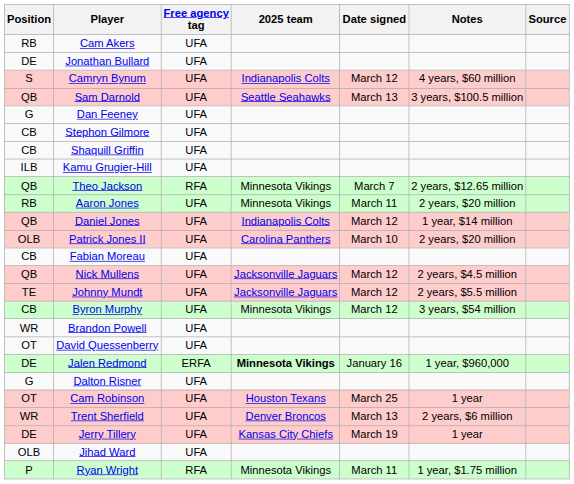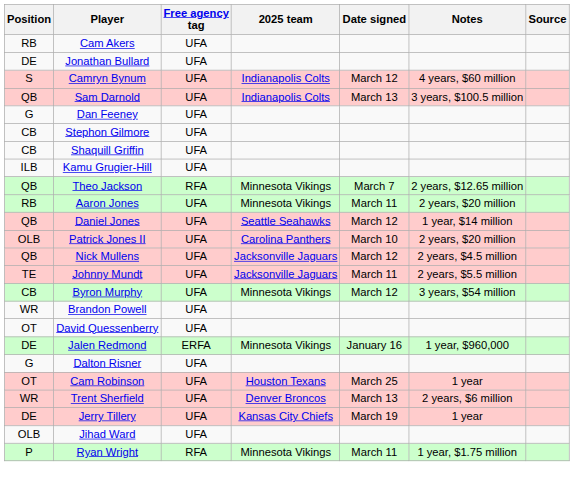 <table class="wikitable" style="text-align:center">
 <tr>
 <th>Position</th>
 <th>Player</th>
 <th><a href='#'><span>Free agency</span></a><br>tag</th>
 <th>2025 team</th>
 <th>Date signed</th>
 <th>Notes</th>
 <th>Source</th>
 </tr>
 <tr>
 <td>RB</td>
 <td><a href='#'>Cam Akers</a></td>
 <td>UFA</td>
 <td></td>
 <td></td>
 <td></td>
 <td></td>
 </tr>
 <tr>
 <td>DE</td>
 <td><a href='#'>Jonathan Bullard</a></td>
 <td>UFA</td>
 <td></td>
 <td></td>
 <td></td>
 <td></td>
 </tr>
 <tr style="background:#fcc">
 <td>S</td>
 <td><a href='#'>Camryn Bynum</a></td>
 <td>UFA</td>
 <td><a href='#'>Indianapolis Colts</a></td>
 <td>March 12</td>
 <td>4 years, $60 million</td>
 <td></td>
 </tr>
 <tr style="background:#fcc">
 <td>QB</td>
 <td><a href='#'>Sam Darnold</a></td>
 <td>UFA</td>
-<td><a href='#'>Seattle Seahawks</a></td>
+<td><a href='#'>Indianapolis Colts</a></td>
 <td>March 13</td>
 <td>3 years, $100.5 million</td>
 <td></td>
 </tr>
 <tr>
 <td>G</td>
 <td><a href='#'>Dan Feeney</a></td>
 <td>UFA</td>
 <td></td>
 <td></td>
 <td></td>
 <td></td>
 </tr>
 <tr>
 <td>CB</td>
 <td><a href='#'>Stephon Gilmore</a></td>
 <td>UFA</td>
 <td></td>
 <td></td>
 <td></td>
 <td></td>
 </tr>
 <tr>
 <td>CB</td>
 <td><a href='#'>Shaquill Griffin</a></td>
 <td>UFA</td>
 <td></td>
 <td></td>
 <td></td>
 <td></td>
 </tr>
 <tr>
 <td>ILB</td>
 <td><a href='#'>Kamu Grugier-Hill</a></td>
 <td>UFA</td>
 <td></td>
 <td></td>
 <td></td>
 <td></td>
 </tr>
 <tr style="background:#cfc">
 <td>QB</td>
 <td><a href='#'>Theo Jackson</a></td>
 <td>RFA</td>
 <td>Minnesota Vikings</td>
 <td>March 7</td>
 <td>2 years, $12.65 million</td>
 <td></td>
 </tr>
 <tr style="background:#cfc">
 <td>RB</td>
 <td><a href='#'>Aaron Jones</a></td>
 <td>UFA</td>
 <td>Minnesota Vikings</td>
 <td>March 11</td>
 <td>2 years, $20 million</td>
 <td></td>
 </tr>
 <tr style="background:#fcc">
 <td>QB</td>
 <td><a href='#'>Daniel Jones</a></td>
 <td>UFA</td>
-<td><a href='#'>Indianapolis Colts</a></td>
+<td><a href='#'>Seattle Seahawks</a></td>
 <td>March 12</td>
 <td>1 year, $14 million</td>
 <td></td>
 </tr>
 <tr style="background:#fcc">
 <td>OLB</td>
 <td><a href='#'>Patrick Jones II</a></td>
 <td>UFA</td>
 <td><a href='#'>Carolina Panthers</a></td>
 <td>March 10</td>
 <td>2 years, $20 million</td>
-<td></td>
-</tr>
-<tr>
-<td>CB</td>
-<td><a href='#'>Fabian Moreau</a></td>
-<td>UFA</td>
-<td></td>
-<td></td>
-<td></td>
 <td></td>
 </tr>
 <tr style="background:#fcc">
 <td>QB</td>
 <td><a href='#'>Nick Mullens</a></td>
 <td>UFA</td>
 <td><a href='#'>Jacksonville Jaguars</a></td>
 <td>March 12</td>
 <td>2 years, $4.5 million</td>
 <td></td>
 </tr>
 <tr style="background:#fcc">
 <td>TE</td>
 <td><a href='#'>Johnny Mundt</a></td>
 <td>UFA</td>
 <td><a href='#'>Jacksonville Jaguars</a></td>
-<td>March 12</td>
+<td>March 11</td>
 <td>2 years, $5.5 million</td>
 <td></td>
 </tr>
 <tr style="background:#cfc">
 <td>CB</td>
 <td><a href='#'>Byron Murphy</a></td>
 <td>UFA</td>
 <td>Minnesota Vikings</td>
 <td>March 12</td>
 <td>3 years, $54 million</td>
 <td></td>
 </tr>
 <tr>
 <td>WR</td>
 <td><a href='#'>Brandon Powell</a></td>
 <td>UFA</td>
 <td></td>
 <td></td>
 <td></td>
 <td></td>
 </tr>
 <tr>
 <td>OT</td>
 <td><a href='#'>David Quessenberry</a></td>
 <td>UFA</td>
 <td></td>
 <td></td>
 <td></td>
 <td></td>
 </tr>
 <tr style="background:#cfc">
 <td>DE</td>
 <td><a href='#'>Jalen Redmond</a></td>
 <td>ERFA</td>
-<td><strong>Minnesota Vikings</strong></td>
+<td>Minnesota Vikings</td>
 <td>January 16</td>
 <td>1 year, $960,000</td>
 <td></td>
 </tr>
 <tr>
 <td>G</td>
 <td><a href='#'>Dalton Risner</a></td>
 <td>UFA</td>
 <td></td>
 <td></td>
 <td></td>
 <td></td>
 </tr>
 <tr style="background:#fcc">
 <td>OT</td>
 <td><a href='#'>Cam Robinson</a></td>
 <td>UFA</td>
 <td><a href='#'>Houston Texans</a></td>
 <td>March 25</td>
 <td>1 year</td>
 <td></td>
 </tr>
 <tr style="background:#fcc">
 <td>WR</td>
 <td><a href='#'>Trent Sherfield</a></td>
 <td>UFA</td>
 <td><a href='#'>Denver Broncos</a></td>
 <td>March 13</td>
 <td>2 years, $6 million</td>
 <td></td>
 </tr>
 <tr style="background:#fcc">
 <td>DE</td>
 <td><a href='#'>Jerry Tillery</a></td>
 <td>UFA</td>
 <td><a href='#'>Kansas City Chiefs</a></td>
 <td>March 19</td>
 <td>1 year</td>
 <td></td>
 </tr>
 <tr>
 <td>OLB</td>
 <td><a href='#'>Jihad Ward</a></td>
 <td>UFA</td>
 <td></td>
 <td></td>
 <td></td>
 <td></td>
 </tr>
 <tr style="background:#cfc">
 <td>P</td>
 <td><a href='#'>Ryan Wright</a></td>
 <td>RFA</td>
 <td>Minnesota Vikings</td>
 <td>March 11</td>
 <td>1 year, $1.75 million</td>
 <td></td>
 </tr>
 </table>
